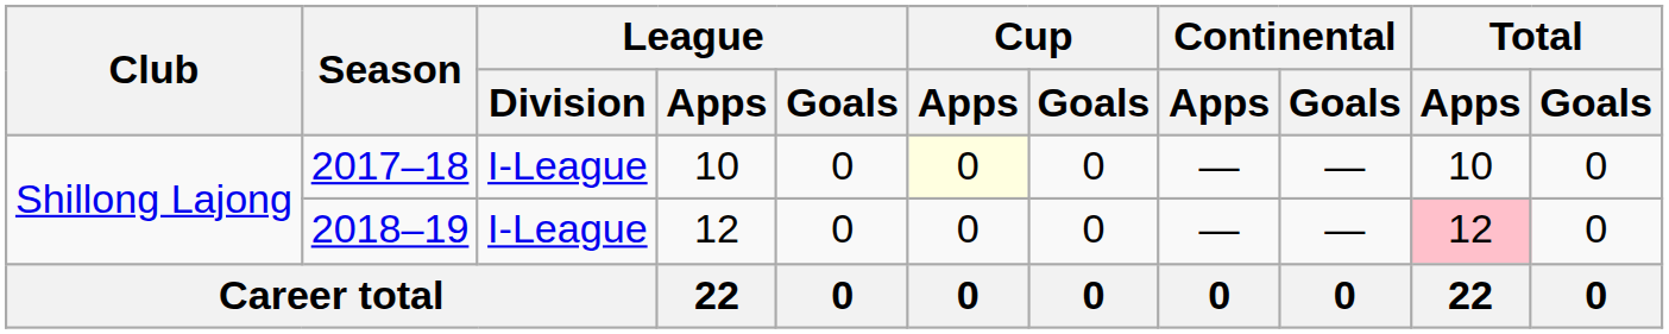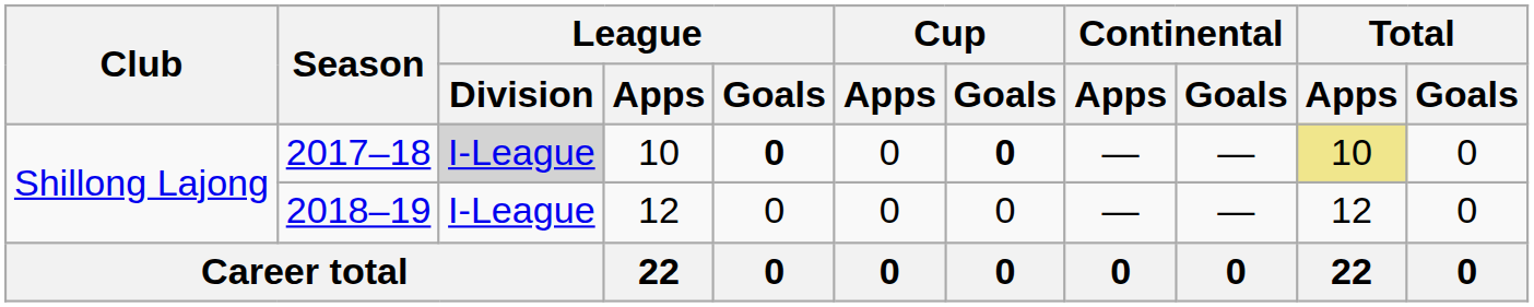 <table class="wikitable" style="text-align: center;">
 <tr>
 <th rowspan="2">Club</th>
 <th rowspan="2">Season</th>
 <th colspan="3">League</th>
 <th colspan="2">Cup</th>
 <th colspan="2">Continental</th>
 <th colspan="2">Total</th>
 </tr>
 <tr>
 <th>Division</th>
 <th>Apps</th>
 <th>Goals</th>
 <th>Apps</th>
 <th>Goals</th>
 <th>Apps</th>
 <th>Goals</th>
 <th>Apps</th>
 <th>Goals</th>
 </tr>
 <tr>
 <td rowspan="2"><a href='#'>Shillong Lajong</a></td>
 <td><a href='#'>2017–18</a></td>
-<td><a href='#'>I-League</a></td>
+<td style="background: lightgrey;"><a href='#'>I-League</a></td>
 <td>10</td>
+<td><strong>0</strong></td>
 <td>0</td>
-<td style="background: lightyellow;">0</td>
-<td>0</td>
+<td><strong>0</strong></td>
 <td>—</td>
 <td>—</td>
-<td>10</td>
+<td style="background: khaki;">10</td>
 <td>0</td>
 </tr>
 <tr>
 <td><a href='#'>2018–19</a></td>
 <td><a href='#'>I-League</a></td>
 <td>12</td>
 <td>0</td>
 <td>0</td>
 <td>0</td>
 <td>—</td>
 <td>—</td>
-<td style="background: pink;">12</td>
+<td>12</td>
 <td>0</td>
 </tr>
 <tr>
 <th colspan="3">Career total</th>
 <th>22</th>
 <th>0</th>
 <th>0</th>
 <th>0</th>
 <th>0</th>
 <th>0</th>
 <th>22</th>
 <th>0</th>
 </tr>
 </table>
